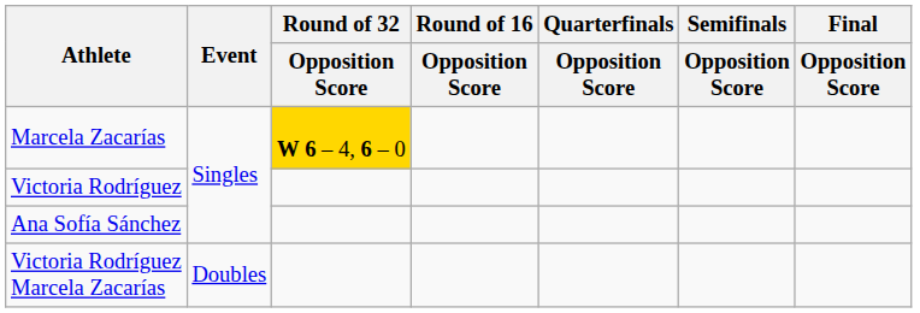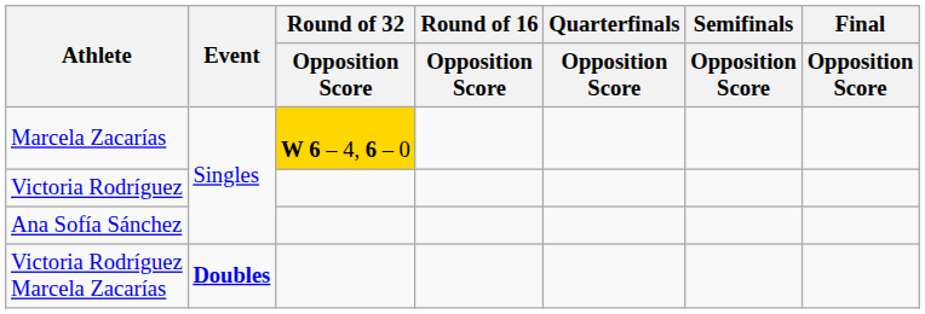 <table class="wikitable" border="1" style="font-size:90%">
 <tr>
 <th rowspan=2>Athlete</th>
 <th rowspan=2>Event</th>
 <th>Round of 32</th>
 <th>Round of 16</th>
 <th>Quarterfinals</th>
 <th>Semifinals</th>
 <th colspan=2>Final</th>
 </tr>
 <tr>
 <th>Opposition<br>Score</th>
 <th>Opposition<br>Score</th>
 <th>Opposition<br>Score</th>
 <th>Opposition<br>Score</th>
 <th>Opposition<br>Score</th>
 </tr>
 <tr>
 <td><a href='#'>Marcela Zacarías</a></td>
 <td rowspan=3><a href='#'>Singles</a></td>
 <td align=center style="background: gold;"><br><strong>W</strong> <strong>6</strong> – 4, <strong>6</strong> – 0</td>
 <td align=center></td>
 <td align=center></td>
 <td align=center></td>
 <td align=center></td>
 </tr>
 <tr>
 <td><a href='#'>Victoria Rodríguez</a></td>
 <td align=center></td>
 <td align=center></td>
 <td align=center></td>
 <td align=center></td>
 <td align=center></td>
 </tr>
 <tr>
 <td><a href='#'>Ana Sofía Sánchez</a></td>
 <td align=center></td>
 <td align=center></td>
 <td align=center></td>
 <td align=center></td>
 <td align=center></td>
 </tr>
 <tr>
 <td><a href='#'>Victoria Rodríguez</a><br><a href='#'>Marcela Zacarías</a></td>
-<td><a href='#'>Doubles</a></td>
+<td><strong><a href='#'>Doubles</a></strong></td>
 <td align=center></td>
 <td align=center></td>
 <td align=center></td>
 <td align=center></td>
 <td align=center></td>
 </tr>
 </table>
